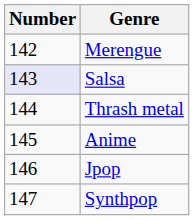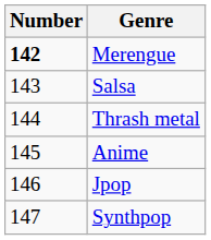 <table class="wikitable">
 <tr>
 <th>Number</th>
 <th>Genre</th>
 </tr>
 <tr>
-<td>142</td>
+<td><strong>142</strong></td>
 <td><a href='#'>Merengue</a></td>
 </tr>
 <tr>
-<td style="background: lavender;">143</td>
+<td>143</td>
 <td><a href='#'>Salsa</a></td>
 </tr>
 <tr>
 <td>144</td>
 <td><a href='#'>Thrash metal</a></td>
 </tr>
 <tr>
 <td>145</td>
 <td><a href='#'>Anime</a></td>
 </tr>
 <tr>
 <td>146</td>
 <td><a href='#'>Jpop</a></td>
 </tr>
 <tr>
 <td>147</td>
 <td><a href='#'>Synthpop</a></td>
 </tr>
 </table>
